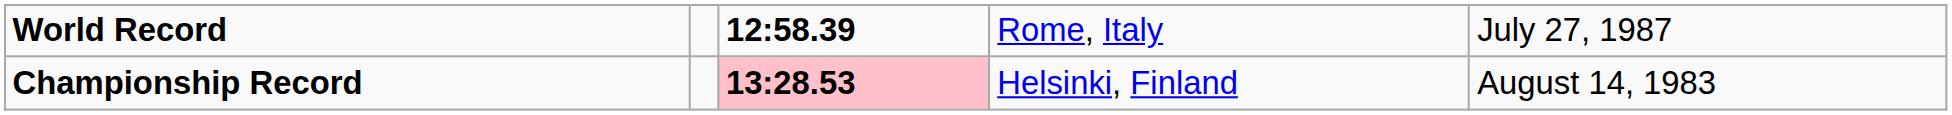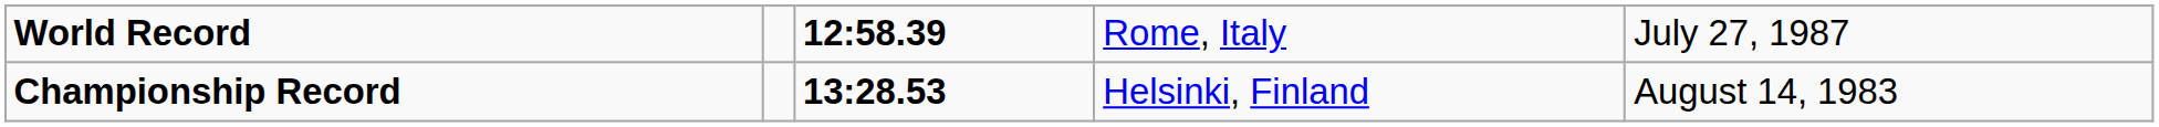 <table class="wikitable" width=75%>
 <tr>
 <td><strong>World Record</strong></td>
 <td></td>
 <td><strong>12:58.39</strong></td>
 <td><a href='#'>Rome</a>, <a href='#'>Italy</a></td>
 <td>July 27, 1987</td>
 </tr>
 <tr>
 <td><strong>Championship Record</strong></td>
 <td></td>
-<td style="background: pink;"><strong>13:28.53</strong></td>
+<td><strong>13:28.53</strong></td>
 <td><a href='#'>Helsinki</a>, <a href='#'>Finland</a></td>
 <td>August 14, 1983</td>
 </tr>
 </table>
